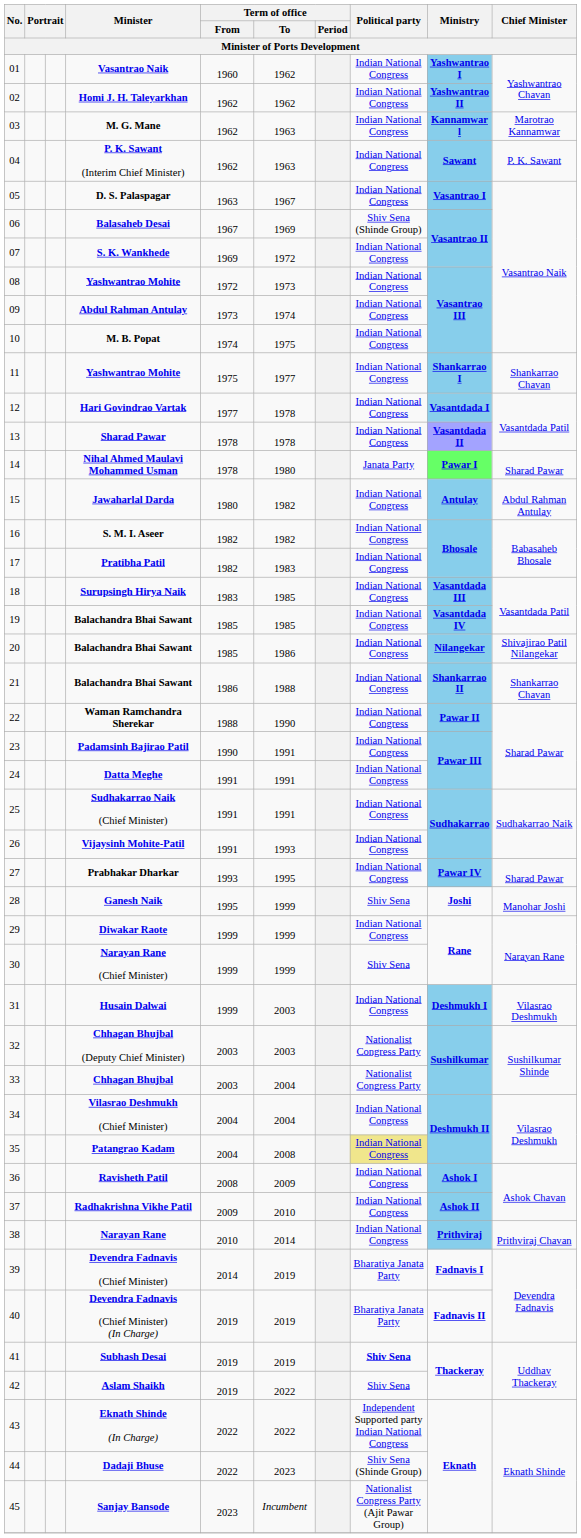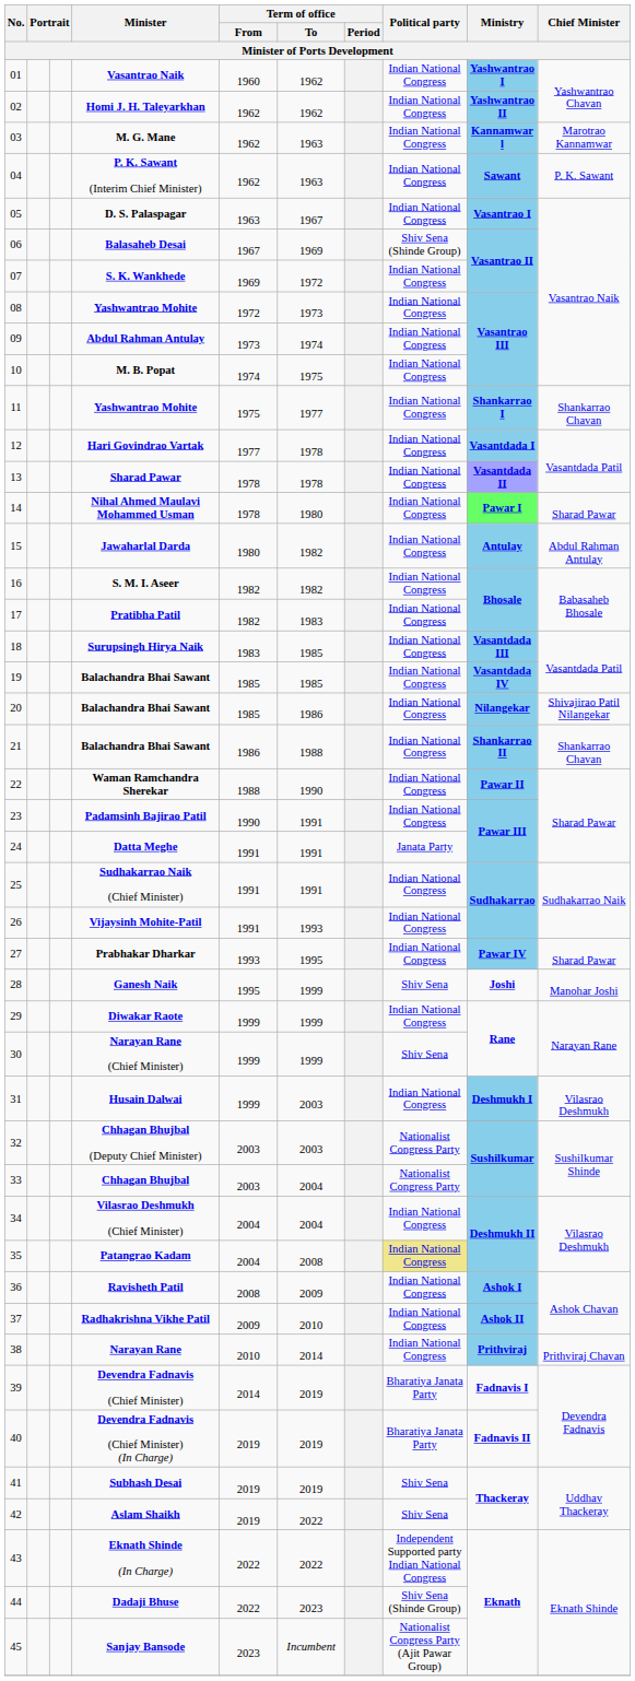 <table class="wikitable" style="text-align:center">
 <tr>
 <th rowspan="2">No.</th>
 <th rowspan="2" colspan="2">Portrait</th>
 <th rowspan="2" style="width:16em">Minister<br></th>
 <th colspan="3">Term of office</th>
 <th rowspan="2" style="width:8em">Political party</th>
 <th rowspan="2">Ministry</th>
 <th rowspan="2" style="width:9em">Chief Minister</th>
 </tr>
 <tr>
 <th style="width:6em">From</th>
 <th style="width:6em">To</th>
 <th>Period</th>
 </tr>
 <tr>
 <th colspan="10">Minister of Ports Development</th>
 </tr>
 <tr>
 <td>01</td>
 <td style="color:inherit;background:"></td>
 <td></td>
 <td><strong><a href='#'>Vasantrao Naik</a></strong>  <br> </td>
 <td><br>1960</td>
 <td><br>1962</td>
 <th></th>
 <td><a href='#'>Indian National Congress</a></td>
 <td bgcolor="#87CEEB"><a href='#'><strong>Yashwantrao I</strong></a></td>
 <td rowspan="2"> <br><a href='#'>Yashwantrao Chavan</a></td>
 </tr>
 <tr>
 <td>02</td>
 <td style="color:inherit;background:"></td>
 <td></td>
 <td><strong><a href='#'>Homi J. H. Taleyarkhan</a></strong> <br> </td>
 <td><br>1962</td>
 <td><br>1962</td>
 <th></th>
 <td><a href='#'>Indian National Congress</a></td>
 <td bgcolor="#87CEEB"><a href='#'><strong>Yashwantrao II</strong></a></td>
 </tr>
 <tr>
 <td>03</td>
 <td style="color:inherit;background:"></td>
 <td></td>
 <td><strong>M. G. Mane</strong> <br> </td>
 <td><br>1962</td>
 <td><br>1963</td>
 <th></th>
 <td><a href='#'>Indian National Congress</a></td>
 <td bgcolor="#87CEEB"><a href='#'><strong>Kannamwar l</strong></a></td>
 <td><a href='#'>Marotrao Kannamwar</a></td>
 </tr>
 <tr>
 <td>04</td>
 <td style="color:inherit;background:"></td>
 <td></td>
 <td><strong><a href='#'>P. K. Sawant</a></strong> <br>  <br>(Interim Chief Minister)</td>
 <td><br>1962</td>
 <td><br>1963</td>
 <th></th>
 <td><a href='#'>Indian National Congress</a></td>
 <td bgcolor="#87CEEB"><a href='#'><strong>Sawant</strong></a></td>
 <td><a href='#'>P. K. Sawant</a></td>
 </tr>
 <tr>
 <td>05</td>
 <td style="color:inherit;background:"></td>
 <td></td>
 <td><strong>D. S. Palaspagar</strong> <br> </td>
 <td><br>1963</td>
 <td><br>1967</td>
 <th></th>
 <td><a href='#'>Indian National Congress</a></td>
 <td bgcolor="#87CEEB"><a href='#'><strong>Vasantrao I</strong></a></td>
 <td rowspan="6"><br><a href='#'>Vasantrao Naik</a></td>
 </tr>
 <tr>
 <td>06</td>
 <td style="color:inherit;background:"></td>
 <td></td>
 <td><strong><a href='#'>Balasaheb Desai</a></strong> <br> </td>
 <td><br>1967</td>
 <td><br>1969</td>
 <th></th>
 <td><a href='#'>Shiv Sena</a> (Shinde Group)</td>
 <td rowspan="2" bgcolor="#87CEEB"><a href='#'><strong>Vasantrao II</strong></a></td>
 </tr>
 <tr>
 <td>07</td>
 <td style="color:inherit;background:"></td>
 <td></td>
 <td><strong><a href='#'>S. K. Wankhede</a></strong> <br> </td>
 <td><br>1969</td>
 <td><br>1972</td>
 <th></th>
 <td><a href='#'>Indian National Congress</a></td>
 </tr>
 <tr>
 <td>08</td>
 <td style="color:inherit;background:"></td>
 <td></td>
 <td><strong><a href='#'>Yashwantrao Mohite</a></strong> <br> </td>
 <td><br>1972</td>
 <td><br>1973</td>
 <th></th>
 <td><a href='#'>Indian National Congress</a></td>
 <td rowspan="3" bgcolor="#87CEEB"><a href='#'><strong>Vasantrao III</strong></a></td>
 </tr>
 <tr>
 <td>09</td>
 <td style="color:inherit;background:"></td>
 <td></td>
 <td><strong><a href='#'>Abdul Rahman Antulay</a></strong> <br> </td>
 <td><br>1973</td>
 <td><br>1974</td>
 <th></th>
 <td><a href='#'>Indian National Congress</a></td>
 </tr>
 <tr>
 <td>10</td>
 <td style="color:inherit;background:"></td>
 <td></td>
 <td><strong>M. B. Popat</strong> <br> </td>
 <td><br>1974</td>
 <td><br>1975</td>
 <th></th>
 <td><a href='#'>Indian National Congress</a></td>
 </tr>
 <tr>
 <td>11</td>
 <td style="color:inherit;background:"></td>
 <td></td>
 <td><strong><a href='#'>Yashwantrao Mohite</a></strong>  <br> </td>
 <td><br>1975</td>
 <td><br>1977</td>
 <th></th>
 <td><a href='#'>Indian National Congress</a></td>
 <td rowspan="1" bgcolor="#87CEEB"><a href='#'><strong>Shankarrao I</strong></a></td>
 <td rowspan="1"><br><a href='#'>Shankarrao Chavan</a></td>
 </tr>
 <tr>
 <td>12</td>
 <td style="color:inherit;background:"></td>
 <td></td>
 <td><strong><a href='#'>Hari Govindrao Vartak</a></strong> <br> </td>
 <td><br>1977</td>
 <td><br>1978</td>
 <th></th>
 <td><a href='#'>Indian National Congress</a></td>
 <td rowspan="1" bgcolor="#88CEEB"><a href='#'><strong>Vasantdada I</strong></a></td>
 <td rowspan="2"><br><a href='#'>Vasantdada Patil</a></td>
 </tr>
 <tr>
 <td>13</td>
 <td style="color:inherit;background:"></td>
 <td></td>
 <td><strong><a href='#'>Sharad Pawar</a></strong> <br> </td>
 <td><br>1978</td>
 <td><br>1978</td>
 <th></th>
 <td><a href='#'>Indian National Congress</a></td>
 <td bgcolor="#A3A3FF"><a href='#'><strong>Vasantdada II</strong></a></td>
 </tr>
 <tr>
 <td>14</td>
 <td style="color:inherit;background:"></td>
 <td></td>
 <td><strong><a href='#'>Nihal Ahmed Maulavi Mohammed Usman</a></strong> <br> </td>
 <td><br>1978</td>
 <td><br>1980</td>
 <th></th>
-<td><a href='#'>Janata Party</a></td>
+<td><a href='#'>Indian National Congress</a></td>
 <td rowspan="1" bgcolor="#66FF66"><a href='#'><strong>Pawar I</strong></a></td>
 <td rowspan="1"><br><a href='#'>Sharad Pawar</a></td>
 </tr>
 <tr>
 <td>15</td>
 <td style="color:inherit;background:"></td>
 <td></td>
 <td><strong><a href='#'>Jawaharlal Darda</a></strong> <br> </td>
 <td><br>1980</td>
 <td><br>1982</td>
 <th></th>
 <td><a href='#'>Indian National Congress</a></td>
 <td rowspan="1" bgcolor="#87CEEB"><a href='#'><strong>Antulay</strong></a></td>
 <td rowspan="1"> <br><a href='#'>Abdul Rahman Antulay</a></td>
 </tr>
 <tr>
 <td>16</td>
 <td style="color:inherit;background:"></td>
 <td></td>
 <td><strong>S. M. I. Aseer</strong>  <br> </td>
 <td><br>1982</td>
 <td><br>1982</td>
 <th></th>
 <td><a href='#'>Indian National Congress</a></td>
 <td rowspan="2" bgcolor="#87CEEB"><a href='#'><strong>Bhosale</strong></a></td>
 <td rowspan="2"> <br><a href='#'>Babasaheb Bhosale</a></td>
 </tr>
 <tr>
 <td>17</td>
 <td style="color:inherit;background:"></td>
 <td></td>
 <td><strong><a href='#'>Pratibha Patil</a></strong>  <br> </td>
 <td><br>1982</td>
 <td><br>1983</td>
 <th></th>
 <td><a href='#'>Indian National Congress</a></td>
 </tr>
 <tr>
 <td>18</td>
 <td style="color:inherit;background:"></td>
 <td></td>
 <td><strong><a href='#'>Surupsingh Hirya Naik</a></strong>  <br> </td>
 <td><br>1983</td>
 <td><br>1985</td>
 <th></th>
 <td><a href='#'>Indian National Congress</a></td>
 <td bgcolor="#87CEEB"><a href='#'><strong>Vasantdada III</strong></a></td>
 <td rowspan="2"><br><a href='#'>Vasantdada Patil</a></td>
 </tr>
 <tr>
 <td>19</td>
 <td style="color:inherit;background:"></td>
 <td></td>
 <td><strong>Balachandra Bhai Sawant</strong> <br> </td>
 <td><br>1985</td>
 <td><br>1985</td>
 <th></th>
 <td><a href='#'>Indian National Congress</a></td>
 <td bgcolor="#87CEEB"><a href='#'><strong>Vasantdada IV</strong></a></td>
 </tr>
 <tr>
 <td>20</td>
 <td style="color:inherit;background:"></td>
 <td></td>
 <td><strong>Balachandra Bhai Sawant</strong>  <br> </td>
 <td><br>1985</td>
 <td><br>1986</td>
 <th></th>
 <td><a href='#'>Indian National Congress</a></td>
 <td bgcolor="#87CEEB"><a href='#'><strong>Nilangekar</strong></a></td>
 <td><a href='#'>Shivajirao Patil Nilangekar</a></td>
 </tr>
 <tr>
 <td>21</td>
 <td style="color:inherit;background:"></td>
 <td></td>
 <td><strong>Balachandra Bhai Sawant</strong> <br> </td>
 <td><br>1986</td>
 <td><br>1988</td>
 <th></th>
 <td><a href='#'>Indian National Congress</a></td>
 <td rowspan="1"bgcolor="#87CEEB"><a href='#'><strong>Shankarrao II</strong></a></td>
 <td rowspan="1"> <br><a href='#'>Shankarrao Chavan</a></td>
 </tr>
 <tr>
 <td>22</td>
 <td style="color:inherit;background:"></td>
 <td></td>
 <td><strong>Waman Ramchandra Sherekar</strong>   <br> </td>
 <td><br>1988</td>
 <td><br>1990</td>
 <th></th>
 <td><a href='#'>Indian National Congress</a></td>
 <td rowspan="1" bgcolor="#87CEEB"><a href='#'><strong>Pawar II</strong></a></td>
 <td rowspan="3"> <br><a href='#'>Sharad Pawar</a></td>
 </tr>
 <tr>
 <td>23</td>
 <td style="color:inherit;background:"></td>
 <td></td>
 <td><strong><a href='#'>Padamsinh Bajirao Patil</a></strong> <br> </td>
 <td><br>1990</td>
 <td><br>1991</td>
 <th></th>
 <td><a href='#'>Indian National Congress</a></td>
 <td rowspan="2" bgcolor="#87CEEB"><a href='#'><strong>Pawar III</strong></a></td>
 </tr>
 <tr>
 <td>24</td>
 <td style="color:inherit;background:"></td>
 <td></td>
 <td><strong><a href='#'>Datta Meghe</a></strong> <br> </td>
 <td><br>1991</td>
 <td><br>1991</td>
 <th></th>
-<td><a href='#'>Indian National Congress</a></td>
+<td><a href='#'>Janata Party</a></td>
 </tr>
 <tr>
 <td>25</td>
 <td style="color:inherit;background:"></td>
 <td></td>
 <td><strong><a href='#'>Sudhakarrao Naik</a></strong> <br> <br>(Chief Minister)</td>
 <td><br>1991</td>
 <td><br>1991</td>
 <th></th>
 <td><a href='#'>Indian National Congress</a></td>
 <td rowspan="2" bgcolor="#87CEEB"><a href='#'><strong>Sudhakarrao</strong></a></td>
 <td rowspan="2"><a href='#'>Sudhakarrao Naik</a></td>
 </tr>
 <tr>
 <td>26</td>
 <td style="color:inherit;background:"></td>
 <td></td>
 <td><strong><a href='#'>Vijaysinh Mohite-Patil</a></strong> <br> </td>
 <td><br>1991</td>
 <td><br>1993</td>
 <th></th>
 <td><a href='#'>Indian National Congress</a></td>
 </tr>
 <tr>
 <td>27</td>
 <td style="color:inherit;background:"></td>
 <td></td>
 <td><strong>Prabhakar Dharkar</strong> <br> </td>
 <td><br>1993</td>
 <td><br>1995</td>
 <th></th>
 <td><a href='#'>Indian National Congress</a></td>
 <td bgcolor="#87CEEB"><a href='#'><strong>Pawar IV</strong></a></td>
 <td> <br><a href='#'>Sharad Pawar</a></td>
 </tr>
 <tr>
 <td>28</td>
 <td style="color:inherit;background:"></td>
 <td></td>
 <td><strong><a href='#'>Ganesh Naik</a></strong> <br> </td>
 <td><br>1995</td>
 <td><br>1999</td>
 <th></th>
 <td><a href='#'>Shiv Sena</a></td>
 <td rowspan="1"><a href='#'><strong>Joshi</strong></a></td>
 <td rowspan="1"> <br><a href='#'>Manohar Joshi</a></td>
 </tr>
 <tr>
 <td>29</td>
 <td style="color:inherit;background:"></td>
 <td></td>
 <td><strong><a href='#'>Diwakar Raote</a></strong> <br> </td>
 <td><br>1999</td>
 <td><br>1999</td>
 <th></th>
 <td><a href='#'>Indian National Congress</a></td>
 <td rowspan="2"><a href='#'><strong>Rane</strong></a></td>
 <td rowspan="2"> <br><a href='#'>Narayan Rane</a></td>
 </tr>
 <tr>
 <td>30</td>
 <td style="color:inherit;background:"></td>
 <td></td>
 <td><strong><a href='#'>Narayan Rane</a></strong> <br> <br> (Chief Minister)</td>
 <td><br>1999</td>
 <td><br>1999</td>
 <th></th>
 <td><a href='#'>Shiv Sena</a></td>
 </tr>
 <tr>
 <td>31</td>
 <td style="color:inherit;background:"></td>
 <td></td>
 <td><strong><a href='#'>Husain Dalwai</a></strong> <br> </td>
 <td><br>1999</td>
 <td><br>2003</td>
 <th></th>
 <td><a href='#'>Indian National Congress</a></td>
 <td rowspan="1" bgcolor="#87CEEB"><a href='#'><strong>Deshmukh I</strong></a></td>
 <td rowspan="1"> <br><a href='#'>Vilasrao Deshmukh</a></td>
 </tr>
 <tr>
 <td>32</td>
 <td style="color:inherit;background:"></td>
 <td></td>
 <td><strong><a href='#'>Chhagan Bhujbal</a></strong> <br> <br> (Deputy Chief Minister)</td>
 <td><br>2003</td>
 <td><br>2003</td>
 <th></th>
 <td><a href='#'>Nationalist Congress Party</a></td>
 <td rowspan="2" bgcolor="#87CEEB"><a href='#'><strong>Sushilkumar</strong></a></td>
 <td rowspan="2"> <br><a href='#'>Sushilkumar Shinde</a></td>
 </tr>
 <tr>
 <td>33</td>
 <td style="color:inherit;background:"></td>
 <td></td>
 <td><strong><a href='#'>Chhagan Bhujbal</a></strong> <br> </td>
 <td><br>2003</td>
 <td><br>2004</td>
 <th></th>
 <td><a href='#'>Nationalist Congress Party</a></td>
 </tr>
 <tr>
 <td>34</td>
 <td style="color:inherit;background:"></td>
 <td></td>
 <td><strong><a href='#'>Vilasrao Deshmukh</a></strong> <br> <br>(Chief Minister)</td>
 <td><br>2004</td>
 <td><br>2004</td>
 <th></th>
 <td><a href='#'>Indian National Congress</a></td>
 <td rowspan="2" bgcolor="#87CEEB"><a href='#'><strong>Deshmukh II</strong></a></td>
 <td rowspan="2"> <br><a href='#'>Vilasrao Deshmukh</a></td>
 </tr>
 <tr>
 <td>35</td>
 <td style="color:inherit;background:"></td>
 <td></td>
 <td><strong><a href='#'>Patangrao Kadam</a></strong> <br> </td>
 <td><br>2004</td>
 <td><br>2008</td>
 <th></th>
 <td style="background: khaki;"><a href='#'>Indian National Congress</a></td>
 </tr>
 <tr>
 <td>36</td>
 <td style="color:inherit;background:"></td>
 <td></td>
 <td><strong><a href='#'>Ravisheth Patil</a></strong>   <br> </td>
 <td><br>2008</td>
 <td><br>2009</td>
 <th></th>
 <td><a href='#'>Indian National Congress</a></td>
 <td bgcolor="#87CEEB"><a href='#'><strong>Ashok I</strong></a></td>
 <td rowspan="2"><br><a href='#'>Ashok Chavan</a></td>
 </tr>
 <tr>
 <td>37</td>
 <td style="color:inherit;background:"></td>
 <td></td>
 <td><strong><a href='#'>Radhakrishna Vikhe Patil</a></strong> <br> </td>
 <td><br>2009</td>
 <td><br>2010</td>
 <th></th>
 <td><a href='#'>Indian National Congress</a></td>
 <td bgcolor="#87CEEB"><a href='#'><strong>Ashok II</strong></a></td>
 </tr>
 <tr>
 <td>38</td>
 <td style="color:inherit;background:"></td>
 <td></td>
 <td><strong><a href='#'>Narayan Rane</a></strong> <br> </td>
 <td><br>2010</td>
 <td><br>2014</td>
 <th></th>
 <td><a href='#'>Indian National Congress</a></td>
 <td rowspan="1" bgcolor="#87CEEB"><a href='#'><strong>Prithviraj</strong></a></td>
 <td rowspan="1"><br><a href='#'>Prithviraj Chavan</a></td>
 </tr>
 <tr>
 <td>39</td>
 <td style="color:inherit;background:"></td>
 <td></td>
 <td><strong><a href='#'>Devendra Fadnavis</a></strong>  <br> <br>(Chief Minister)</td>
 <td><br>2014</td>
 <td><br>2019</td>
 <th></th>
 <td rowspan="1"><a href='#'>Bharatiya Janata Party</a></td>
 <td rowspan="1"><a href='#'><strong>Fadnavis I</strong></a></td>
 <td rowspan="2"> <br><a href='#'>Devendra Fadnavis</a></td>
 </tr>
 <tr>
 <td>40</td>
 <td style="color:inherit;background:"></td>
 <td></td>
 <td><strong><a href='#'>Devendra Fadnavis</a></strong>  <br> <br>(Chief Minister) <br><em>(In Charge)</em></td>
 <td><br>2019</td>
 <td><br>2019</td>
 <th></th>
 <td><a href='#'>Bharatiya Janata Party</a></td>
 <td rowspan="1"><a href='#'><strong>Fadnavis II</strong></a></td>
 </tr>
 <tr>
 <td>41</td>
 <td style="color:inherit;background:"></td>
 <td></td>
 <td><strong><a href='#'>Subhash Desai</a></strong> <br> </td>
 <td><br>2019</td>
 <td><br>2019</td>
 <th></th>
-<td><strong><a href='#'>Shiv Sena</a></strong></td>
+<td><a href='#'>Shiv Sena</a></td>
 <td rowspan="2"><a href='#'><strong>Thackeray</strong></a></td>
 <td rowspan="2"> <br><a href='#'>Uddhav Thackeray</a></td>
 </tr>
 <tr>
 <td>42</td>
 <td style="color:inherit;background:"></td>
 <td></td>
 <td><strong><a href='#'>Aslam Shaikh</a></strong> <br> </td>
 <td><br>2019</td>
 <td><br>2022</td>
 <th></th>
 <td><a href='#'>Shiv Sena</a></td>
 </tr>
 <tr>
 <td>43</td>
 <td style="color:inherit;background:"></td>
 <td></td>
 <td><strong><a href='#'>Eknath Shinde</a></strong> <br> <br><em>(In Charge)</em></td>
 <td><br>2022</td>
 <td><br>2022</td>
 <th></th>
 <td><a href='#'>Independent</a> Supported party <a href='#'>Indian National Congress</a></td>
 <td rowspan="3"><a href='#'><strong>Eknath</strong></a></td>
 <td rowspan="3"> <br><a href='#'>Eknath Shinde</a></td>
 </tr>
 <tr>
 <td>44</td>
 <td style="color:inherit;background:"></td>
 <td></td>
 <td><strong><a href='#'>Dadaji Bhuse</a></strong> <br> </td>
 <td><br>2022</td>
 <td><br>2023</td>
 <th></th>
 <td><a href='#'>Shiv Sena</a> (Shinde Group)</td>
 </tr>
 <tr>
 <td>45</td>
 <td style="color:inherit;background:"></td>
 <td></td>
 <td><strong><a href='#'>Sanjay Bansode</a></strong> <br> </td>
 <td><br>2023</td>
 <td><em>Incumbent</em></td>
 <th></th>
 <td><a href='#'>Nationalist Congress Party</a> (Ajit Pawar Group)</td>
 </tr>
 <tr>
 </tr>
 </table>
